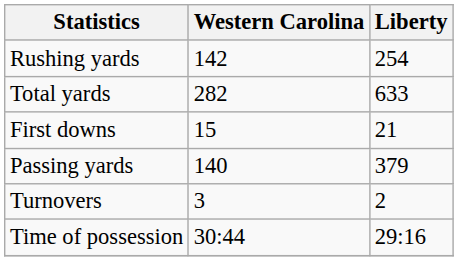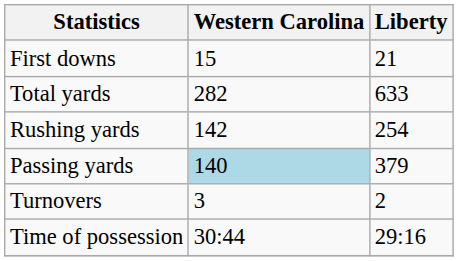 <table class="wikitable">
 <tr>
 <th>Statistics</th>
 <th>Western Carolina</th>
 <th>Liberty</th>
 </tr>
 <tr>
-<td>Rushing yards</td>
-<td>142</td>
-<td>254</td>
+<td>First downs</td>
+<td>15</td>
+<td>21</td>
 </tr>
 <tr>
 <td>Total yards</td>
 <td>282</td>
 <td>633</td>
 </tr>
 <tr>
-<td>First downs</td>
-<td>15</td>
-<td>21</td>
+<td>Rushing yards</td>
+<td>142</td>
+<td>254</td>
 </tr>
 <tr>
 <td>Passing yards</td>
-<td>140</td>
+<td style="background: lightblue;">140</td>
 <td>379</td>
 </tr>
 <tr>
 <td>Turnovers</td>
 <td>3</td>
 <td>2</td>
 </tr>
 <tr>
 <td>Time of possession</td>
 <td>30:44</td>
 <td>29:16</td>
 </tr>
 <tr>
 </tr>
 </table>
